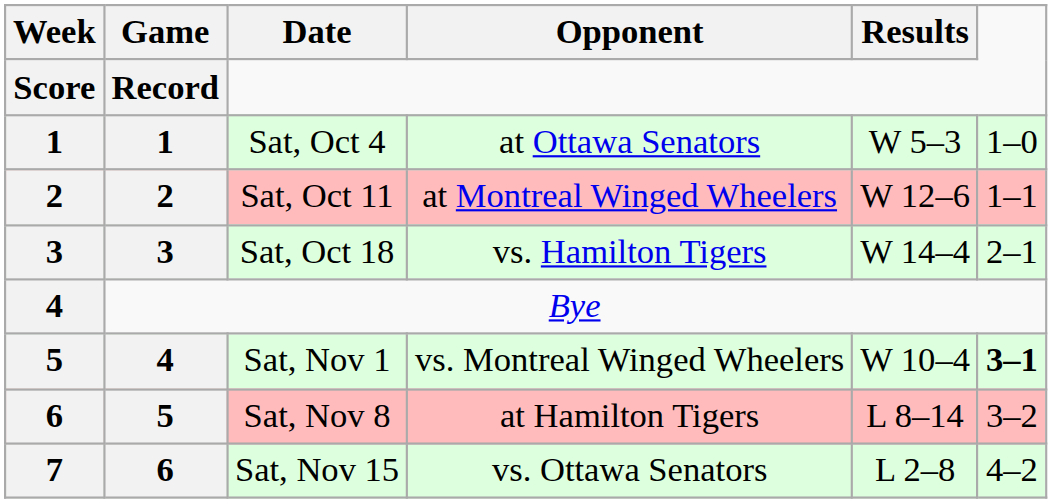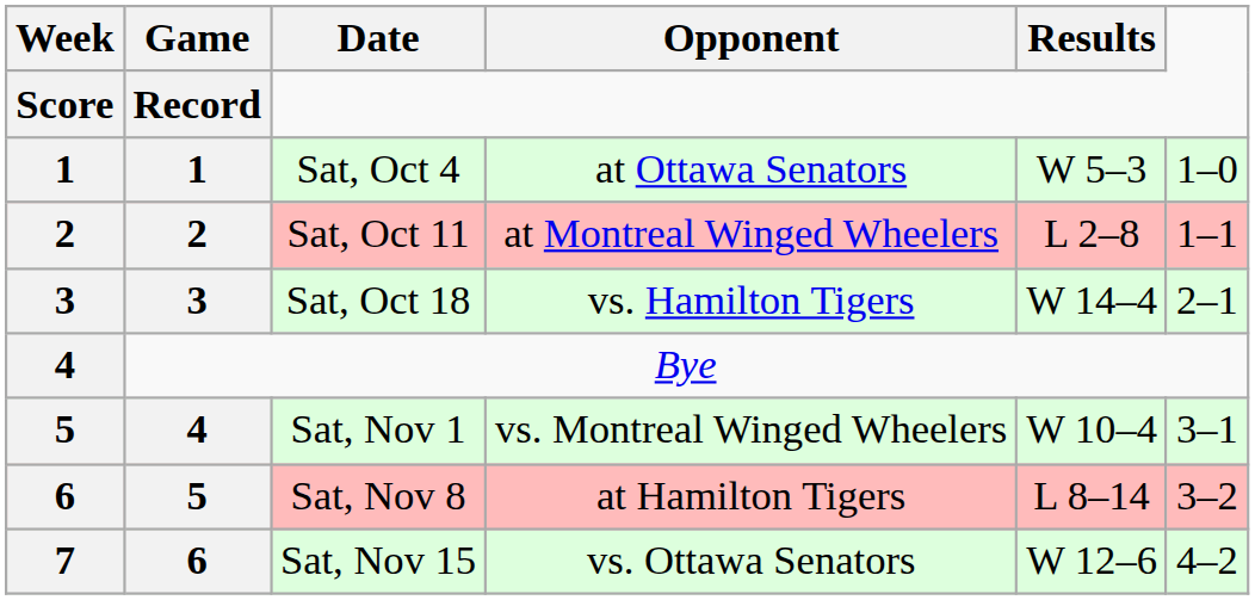 <table class="wikitable" style="text-align:center">
 <tr>
 <th>Week</th>
 <th>Game</th>
 <th>Date</th>
 <th>Opponent</th>
 <th>Results</th>
 </tr>
 <tr>
 <th>Score</th>
 <th>Record</th>
 </tr>
 <tr style="background:#ddffdd">
 <th>1</th>
 <th>1</th>
 <td>Sat, Oct 4</td>
 <td>at <a href='#'>Ottawa Senators</a></td>
 <td>W 5–3</td>
 <td>1–0</td>
 </tr>
 <tr style="background:#ffbbbb">
 <th>2</th>
 <th>2</th>
 <td>Sat, Oct 11</td>
 <td>at <a href='#'>Montreal Winged Wheelers</a></td>
-<td>W 12–6</td>
+<td>L 2–8</td>
 <td>1–1</td>
 </tr>
 <tr style="background:#ddffdd">
 <th>3</th>
 <th>3</th>
 <td>Sat, Oct 18</td>
 <td>vs. <a href='#'>Hamilton Tigers</a></td>
 <td>W 14–4</td>
 <td>2–1</td>
 </tr>
 <tr>
 <th>4</th>
 <td colspan="7"><em><a href='#'>Bye</a></em></td>
 </tr>
 <tr style="background:#ddffdd">
 <th>5</th>
 <th>4</th>
 <td>Sat, Nov 1</td>
 <td>vs. Montreal Winged Wheelers</td>
 <td>W 10–4</td>
-<td><strong>3–1</strong></td>
+<td>3–1</td>
 </tr>
 <tr style="background:#ffbbbb">
 <th>6</th>
 <th>5</th>
 <td>Sat, Nov 8</td>
 <td>at Hamilton Tigers</td>
 <td>L 8–14</td>
 <td>3–2</td>
 </tr>
 <tr style="background:#ddffdd">
 <th>7</th>
 <th>6</th>
 <td>Sat, Nov 15</td>
 <td>vs. Ottawa Senators</td>
-<td>L 2–8</td>
+<td>W 12–6</td>
 <td>4–2</td>
 </tr>
 </table>
